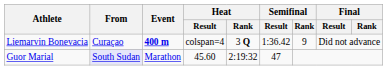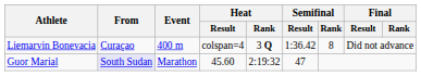 <table class="wikitable" style="font-size:95%">
 <tr>
 <th rowspan="2">Athlete</th>
 <th rowspan="2">From</th>
 <th rowspan="2">Event</th>
 <th colspan="2">Heat</th>
 <th colspan="2">Semifinal</th>
 <th colspan="2">Final</th>
 </tr>
 <tr style="font-size:90%">
 <th>Result</th>
 <th>Rank</th>
 <th>Result</th>
 <th>Rank</th>
 <th>Result</th>
 <th>Rank</th>
 </tr>
 <tr align=center>
 <td align=left><a href='#'>Liemarvin Bonevacia</a></td>
 <td align=left> <a href='#'>Curaçao</a></td>
-<td align=left><strong><a href='#'>400 m</a></strong></td>
+<td align=left><a href='#'>400 m</a></td>
 <td>colspan=4 </td>
 <td>3 <strong>Q</strong></td>
 <td>1:36.42</td>
-<td>9</td>
+<td>8</td>
 <td colspan=2>Did not advance</td>
 </tr>
 <tr align=center>
 <td align=left><a href='#'>Guor Marial</a></td>
 <td align=left style="background: lavender;"> <a href='#'>South Sudan</a></td>
 <td align=left><a href='#'>Marathon</a></td>
 <td>45.60</td>
 <td>2:19:32</td>
 <td>47</td>
 </tr>
 </table>
